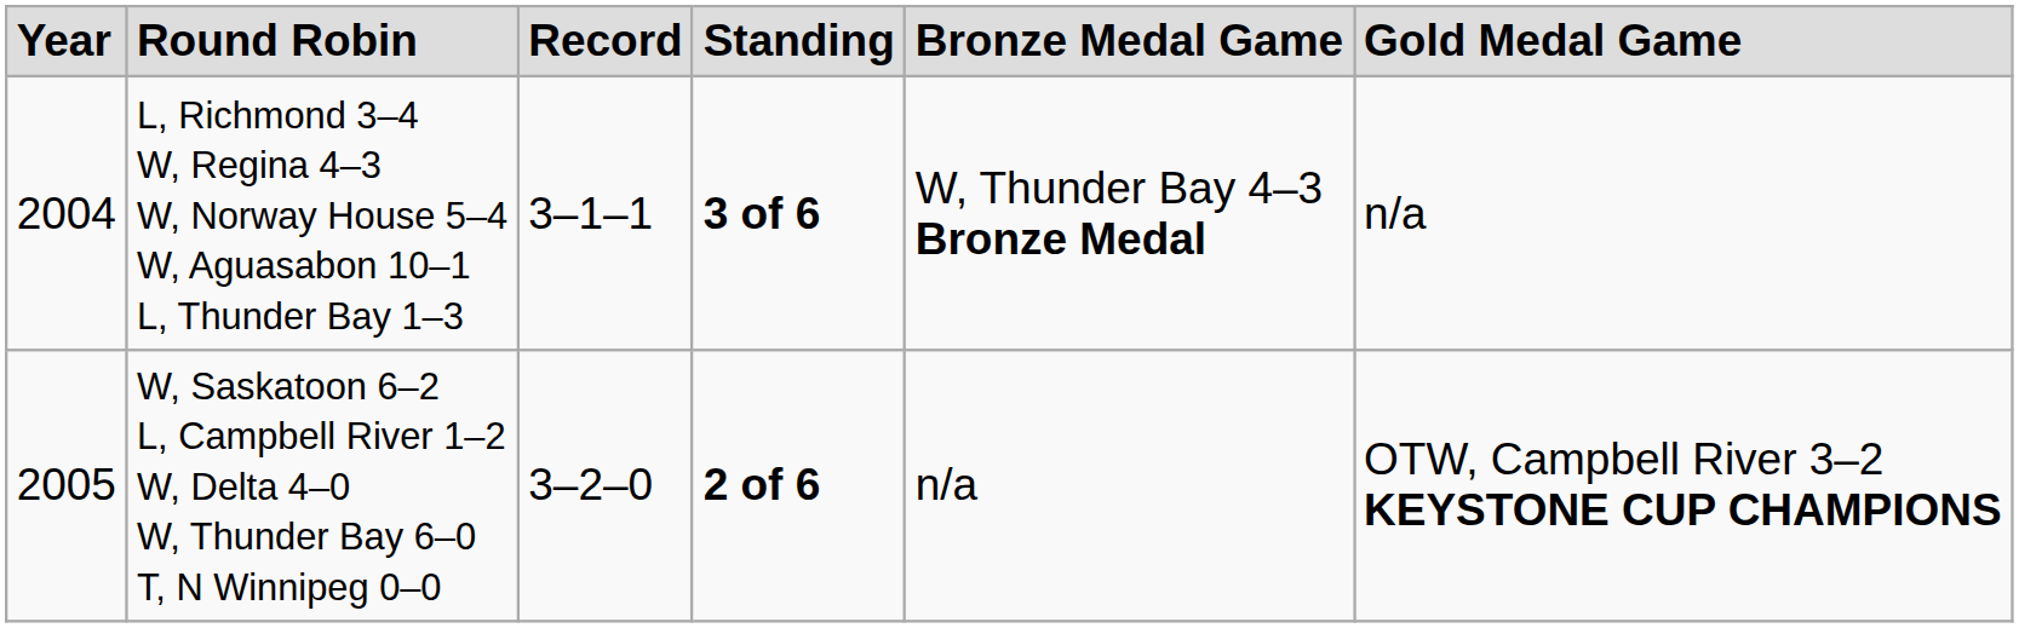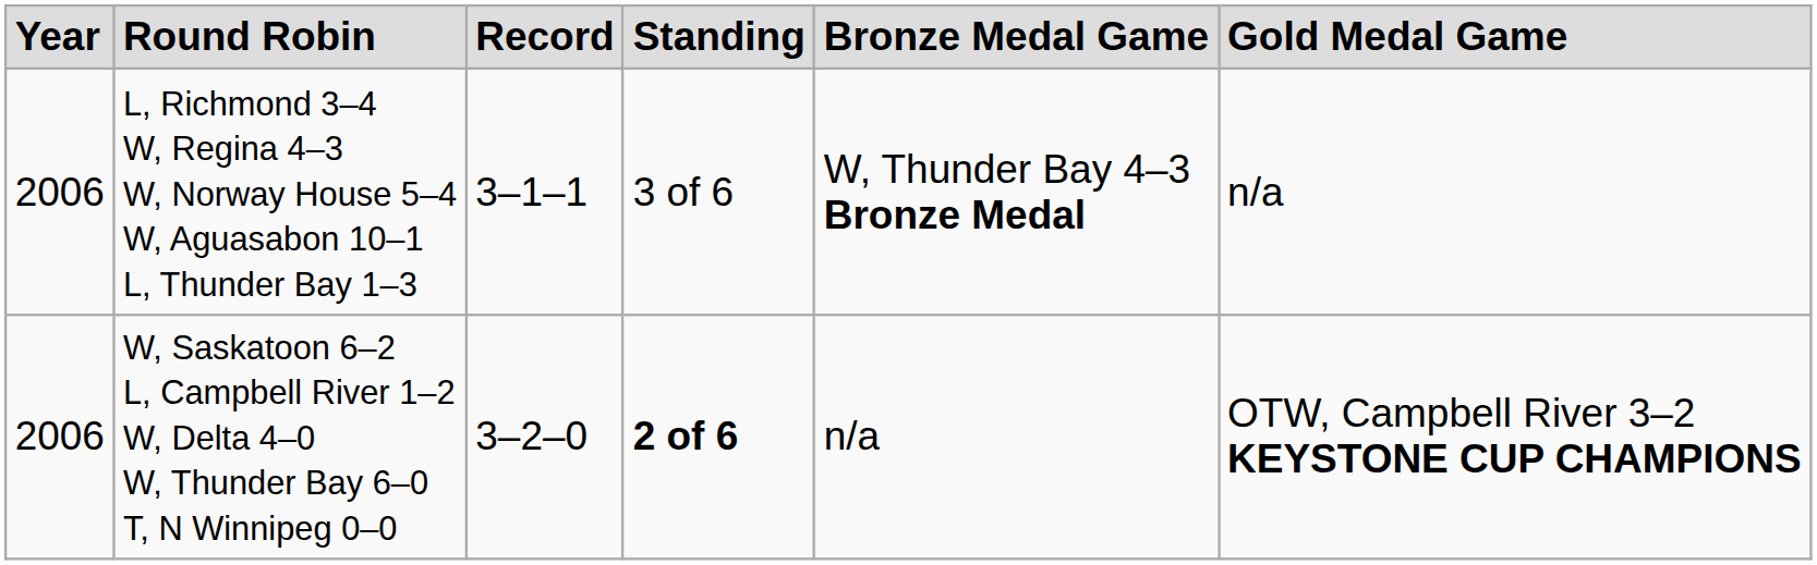 <table class="wikitable">
 <tr style="font-weight:bold; background-color:#dddddd;" |>
 <td>Year</td>
 <td>Round Robin</td>
 <td>Record</td>
 <td>Standing</td>
 <td>Bronze Medal Game</td>
 <td>Gold Medal Game</td>
 </tr>
 <tr>
-<td>2004</td>
+<td>2006</td>
 <td><small>L, Richmond 3–4<br>W, Regina 4–3<br>W, Norway House 5–4<br>W, Aguasabon 10–1<br>L, Thunder Bay 1–3</small></td>
 <td>3–1–1</td>
-<td><strong>3 of 6</strong></td>
+<td>3 of 6</td>
 <td>W, Thunder Bay 4–3<br><strong>Bronze Medal</strong></td>
 <td>n/a</td>
 </tr>
 <tr>
-<td>2005</td>
+<td>2006</td>
 <td><small>W, Saskatoon 6–2<br>L, Campbell River 1–2<br>W, Delta 4–0<br>W, Thunder Bay 6–0<br>T, N Winnipeg 0–0</small></td>
 <td>3–2–0</td>
 <td><strong>2 of 6</strong></td>
 <td>n/a</td>
 <td>OTW, Campbell River 3–2<br><strong>KEYSTONE CUP CHAMPIONS</strong></td>
 </tr>
 </table>
